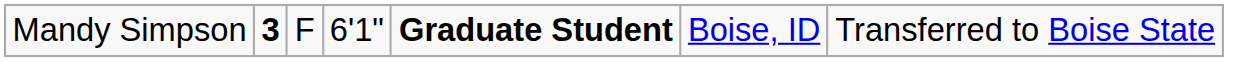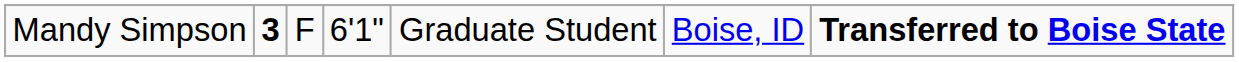 <table class="wikitable sortable" border="1" style="text-align: center;">
 <tr align=center>
 </tr>
 <tr>
 <td>Mandy Simpson</td>
 <td><strong>3</strong></td>
 <td>F</td>
 <td>6'1"</td>
-<td><strong>Graduate Student</strong></td>
+<td>Graduate Student</td>
 <td><a href='#'>Boise, ID</a></td>
-<td>Transferred to <a href='#'>Boise State</a></td>
+<td><strong>Transferred to <a href='#'>Boise State</a></strong></td>
 </tr>
 </table>
